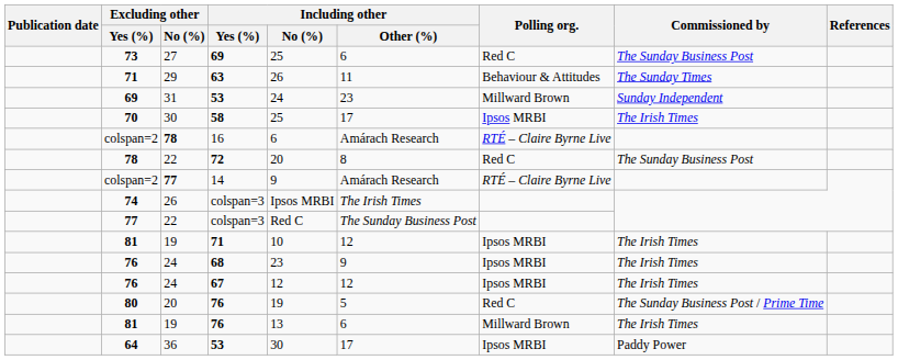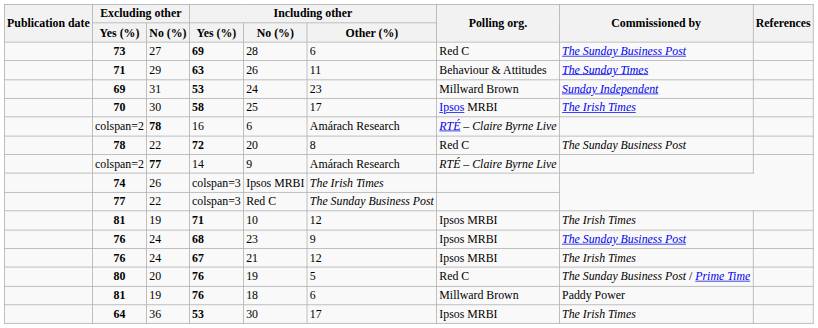 <table class="wikitable sortable">
 <tr>
 <th rowspan=2>Publication date</th>
 <th colspan=2>Excluding other</th>
 <th colspan=3>Including other</th>
 <th rowspan=2>Polling org.</th>
 <th rowspan=2>Commissioned by</th>
 <th rowspan=2>References</th>
 </tr>
 <tr>
 <th>Yes (%)</th>
 <th>No (%)</th>
 <th>Yes (%)</th>
 <th>No (%)</th>
 <th>Other (%)</th>
 </tr>
 <tr>
 <td></td>
 <td align=center><strong>73</strong></td>
 <td>27</td>
 <td><strong>69</strong></td>
-<td>25</td>
+<td>28</td>
 <td>6</td>
 <td>Red C</td>
 <td><em><a href='#'>The Sunday Business Post</a></em></td>
 <td></td>
 </tr>
 <tr>
 <td></td>
 <td align=center><strong>71</strong></td>
 <td>29</td>
 <td><strong>63</strong></td>
 <td>26</td>
 <td>11</td>
 <td>Behaviour & Attitudes</td>
 <td><em><a href='#'>The Sunday Times</a></em></td>
 <td></td>
 </tr>
 <tr>
 <td></td>
 <td align=center><strong>69</strong></td>
 <td>31</td>
 <td><strong>53</strong></td>
 <td>24</td>
 <td>23</td>
 <td>Millward Brown</td>
 <td><em><a href='#'>Sunday Independent</a></em></td>
 <td></td>
 </tr>
 <tr>
 <td></td>
 <td align=center><strong>70</strong></td>
 <td>30</td>
 <td><strong>58</strong></td>
 <td>25</td>
 <td>17</td>
 <td><a href='#'>Ipsos</a> MRBI</td>
 <td><em><a href='#'>The Irish Times</a></em></td>
 <td></td>
 </tr>
 <tr>
 <td></td>
 <td>colspan=2 </td>
 <td><strong>78</strong></td>
 <td>16</td>
 <td>6</td>
 <td>Amárach Research</td>
 <td><em><a href='#'>RTÉ</a> – Claire Byrne Live</em></td>
 <td></td>
 </tr>
 <tr>
 <td></td>
 <td align=center><strong>78</strong></td>
 <td>22</td>
 <td><strong>72</strong></td>
 <td>20</td>
 <td>8</td>
 <td>Red C</td>
 <td><em>The Sunday Business Post</em></td>
 <td></td>
 </tr>
 <tr>
 <td></td>
 <td>colspan=2 </td>
 <td><strong>77</strong></td>
 <td>14</td>
 <td>9</td>
 <td>Amárach Research</td>
 <td><em>RTÉ – Claire Byrne Live</em></td>
 <td></td>
 </tr>
 <tr>
 <td></td>
 <td align=center><strong>74</strong></td>
 <td>26</td>
 <td>colspan=3 </td>
 <td>Ipsos MRBI</td>
 <td><em>The Irish Times</em></td>
 <td></td>
 </tr>
 <tr>
 <td></td>
 <td align=center><strong>77</strong></td>
 <td>22</td>
 <td>colspan=3 </td>
 <td>Red C</td>
 <td><em>The Sunday Business Post</em></td>
 <td></td>
 </tr>
 <tr>
 <td></td>
 <td align=center><strong>81</strong></td>
 <td>19</td>
 <td><strong>71</strong></td>
 <td>10</td>
 <td>12</td>
 <td>Ipsos MRBI</td>
 <td><em>The Irish Times</em></td>
 <td></td>
 </tr>
 <tr>
 <td></td>
 <td align=center><strong>76</strong></td>
 <td>24</td>
 <td><strong>68</strong></td>
 <td>23</td>
 <td>9</td>
 <td>Ipsos MRBI</td>
-<td><em>The Irish Times</em></td>
+<td><em><a href='#'>The Sunday Business Post</a></em></td>
 <td></td>
 </tr>
 <tr>
 <td></td>
 <td align=center><strong>76</strong></td>
 <td>24</td>
 <td><strong>67</strong></td>
-<td>12</td>
+<td>21</td>
 <td>12</td>
 <td>Ipsos MRBI</td>
 <td><em>The Irish Times</em></td>
 <td></td>
 </tr>
 <tr>
 <td></td>
 <td align=center><strong>80</strong></td>
 <td>20</td>
 <td><strong>76</strong></td>
 <td>19</td>
 <td>5</td>
 <td>Red C</td>
 <td><em>The Sunday Business Post</em> / <em><a href='#'>Prime Time</a></em></td>
 <td></td>
 </tr>
 <tr>
 <td></td>
 <td align=center><strong>81</strong></td>
 <td>19</td>
 <td><strong>76</strong></td>
-<td>13</td>
+<td>18</td>
 <td>6</td>
 <td>Millward Brown</td>
-<td><em>The Irish Times</em></td>
+<td>Paddy Power</td>
 <td></td>
 </tr>
 <tr>
 <td></td>
 <td align=center><strong>64</strong></td>
 <td>36</td>
 <td><strong>53</strong></td>
 <td>30</td>
 <td>17</td>
 <td>Ipsos MRBI</td>
-<td>Paddy Power</td>
+<td><em>The Irish Times</em></td>
 <td></td>
 </tr>
 </table>
